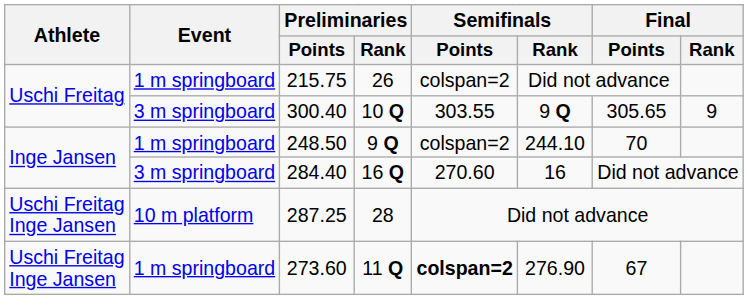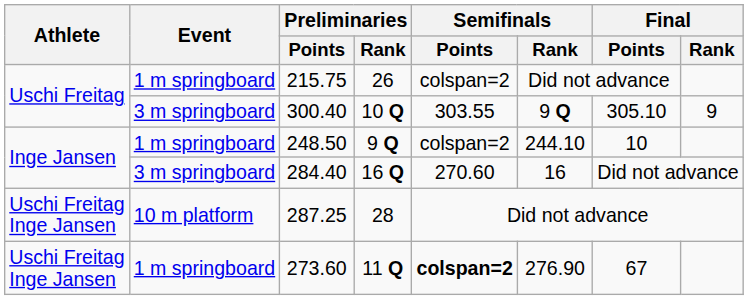 <table class=wikitable style="font-size:90%;">
 <tr>
 <th rowspan="2">Athlete</th>
 <th rowspan="2">Event</th>
 <th colspan="2">Preliminaries</th>
 <th colspan="2">Semifinals</th>
 <th colspan="2">Final</th>
 </tr>
 <tr style="font-size:95%">
 <th>Points</th>
 <th>Rank</th>
 <th>Points</th>
 <th>Rank</th>
 <th>Points</th>
 <th>Rank</th>
 </tr>
 <tr align=center>
 <td align=left rowspan=2><a href='#'>Uschi Freitag</a></td>
 <td align=left><a href='#'>1 m springboard</a></td>
 <td>215.75</td>
 <td>26</td>
 <td>colspan=2 </td>
 <td colspan=2>Did not advance</td>
 </tr>
 <tr align=center>
 <td align=left><a href='#'>3 m springboard</a></td>
 <td>300.40</td>
 <td>10 <strong>Q</strong></td>
 <td>303.55</td>
 <td>9 <strong>Q</strong></td>
-<td>305.65</td>
+<td>305.10</td>
 <td>9</td>
 </tr>
 <tr align=center>
 <td align=left rowspan=2><a href='#'>Inge Jansen</a></td>
 <td align=left><a href='#'>1 m springboard</a></td>
 <td>248.50</td>
 <td>9 <strong>Q</strong></td>
 <td>colspan=2 </td>
 <td>244.10</td>
-<td>70</td>
+<td>10</td>
 </tr>
 <tr align=center>
 <td align=left><a href='#'>3 m springboard</a></td>
 <td>284.40</td>
 <td>16 <strong>Q</strong></td>
 <td>270.60</td>
 <td>16</td>
 <td colspan=2>Did not advance</td>
 </tr>
 <tr align=center>
 <td align=left><a href='#'>Uschi Freitag</a><br><a href='#'>Inge Jansen</a></td>
 <td align=left><a href='#'>10 m platform</a></td>
 <td>287.25</td>
 <td>28</td>
 <td colspan=4>Did not advance</td>
 </tr>
 <tr align=center>
 <td align=left><a href='#'>Uschi Freitag</a><br><a href='#'>Inge Jansen</a></td>
 <td align=left><a href='#'>1 m springboard</a></td>
 <td>273.60</td>
 <td>11 <strong>Q</strong></td>
 <td><strong>colspan=2 </strong></td>
 <td>276.90</td>
 <td>67</td>
 </tr>
 </table>
